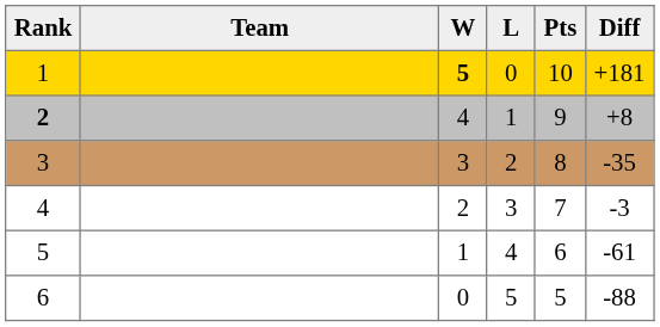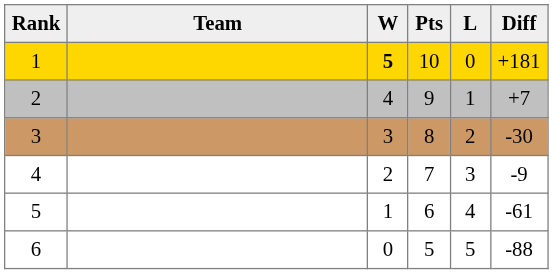 <table style=border-collapse:collapse border=1 cellspacing=0 cellpadding=5>
 <tr align=center bgcolor=#efefef>
 <th width=20>Rank</th>
 <th width=220>Team</th>
 <th width=20>W</th>
+<th width=20>Pts</th>
 <th width=20>L</th>
-<th width=20>Pts</th>
 <th width=20>Diff</th>
 </tr>
 <tr align=center bgcolor=gold>
 <td>1</td>
 <td align=left></td>
 <td><strong>5</strong></td>
+<td>10</td>
 <td>0</td>
-<td>10</td>
 <td>+181</td>
 </tr>
 <tr align=center bgcolor=silver>
-<td><strong>2</strong></td>
+<td>2</td>
 <td align=left></td>
 <td>4</td>
+<td>9</td>
 <td>1</td>
-<td>9</td>
-<td>+8</td>
+<td>+7</td>
 </tr>
 <tr align=center bgcolor=cc9966>
 <td>3</td>
 <td align=left></td>
 <td>3</td>
+<td>8</td>
 <td>2</td>
-<td>8</td>
-<td>-35</td>
+<td>-30</td>
 </tr>
 <tr align=center>
 <td>4</td>
 <td align=left></td>
 <td>2</td>
+<td>7</td>
 <td>3</td>
-<td>7</td>
-<td>-3</td>
+<td>-9</td>
 </tr>
 <tr align=center>
 <td>5</td>
 <td align=left></td>
 <td>1</td>
+<td>6</td>
 <td>4</td>
-<td>6</td>
 <td>-61</td>
 </tr>
 <tr align=center>
 <td>6</td>
 <td align=left></td>
 <td>0</td>
 <td>5</td>
 <td>5</td>
 <td>-88</td>
 </tr>
 </table>
